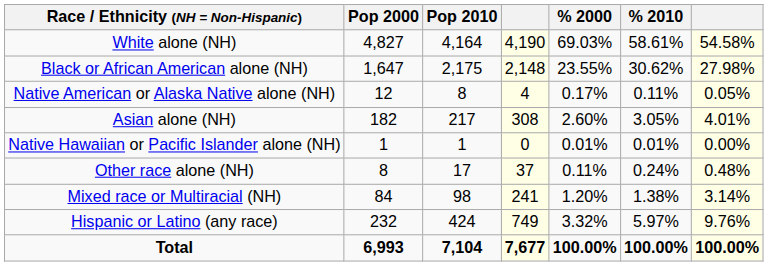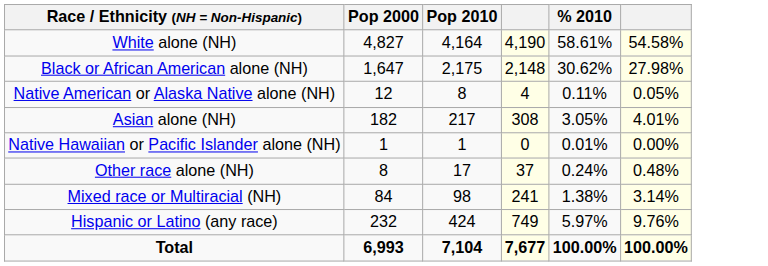 <table class="wikitable" style="text-align:center;">
 <tr>
 <th>Race / Ethnicity <small>(<em>NH = Non-Hispanic</em>)</small></th>
 <th>Pop 2000</th>
 <th>Pop 2010</th>
 <th></th>
-<th>% 2000</th>
 <th>% 2010</th>
 <th></th>
 </tr>
 <tr>
 <td><a href='#'>White</a> alone (NH)</td>
 <td>4,827</td>
 <td>4,164</td>
 <td style='background: #ffffe6;'>4,190</td>
-<td>69.03%</td>
 <td>58.61%</td>
 <td style='background: #ffffe6;'>54.58%</td>
 </tr>
 <tr>
 <td><a href='#'>Black or African American</a> alone (NH)</td>
 <td>1,647</td>
 <td>2,175</td>
 <td style='background: #ffffe6;'>2,148</td>
-<td>23.55%</td>
 <td>30.62%</td>
 <td style='background: #ffffe6;'>27.98%</td>
 </tr>
 <tr>
 <td><a href='#'>Native American</a> or <a href='#'>Alaska Native</a> alone (NH)</td>
 <td>12</td>
 <td>8</td>
 <td style='background: #ffffe6;'>4</td>
-<td>0.17%</td>
 <td>0.11%</td>
 <td style='background: #ffffe6;'>0.05%</td>
 </tr>
 <tr>
 <td><a href='#'>Asian</a> alone (NH)</td>
 <td>182</td>
 <td>217</td>
 <td style='background: #ffffe6;'>308</td>
-<td>2.60%</td>
 <td>3.05%</td>
 <td style='background: #ffffe6;'>4.01%</td>
 </tr>
 <tr>
 <td><a href='#'>Native Hawaiian</a> or <a href='#'>Pacific Islander</a> alone (NH)</td>
 <td>1</td>
 <td>1</td>
 <td style='background: #ffffe6;'>0</td>
 <td>0.01%</td>
-<td>0.01%</td>
 <td style='background: #ffffe6;'>0.00%</td>
 </tr>
 <tr>
 <td><a href='#'>Other race</a> alone (NH)</td>
 <td>8</td>
 <td>17</td>
 <td style='background: #ffffe6;'>37</td>
-<td>0.11%</td>
 <td>0.24%</td>
 <td style='background: #ffffe6;'>0.48%</td>
 </tr>
 <tr>
 <td><a href='#'>Mixed race or Multiracial</a> (NH)</td>
 <td>84</td>
 <td>98</td>
 <td style='background: #ffffe6;'>241</td>
-<td>1.20%</td>
 <td>1.38%</td>
 <td style='background: #ffffe6;'>3.14%</td>
 </tr>
 <tr>
 <td><a href='#'>Hispanic or Latino</a> (any race)</td>
 <td>232</td>
 <td>424</td>
 <td style='background: #ffffe6;'>749</td>
-<td>3.32%</td>
 <td>5.97%</td>
 <td style='background: #ffffe6;'>9.76%</td>
 </tr>
 <tr>
 <td><strong>Total</strong></td>
 <td><strong>6,993</strong></td>
 <td><strong>7,104</strong></td>
 <td style='background: #ffffe6;'><strong>7,677</strong></td>
 <td><strong>100.00%</strong></td>
-<td><strong>100.00%</strong></td>
 <td style='background: #ffffe6;'><strong>100.00%</strong></td>
 </tr>
 </table>
